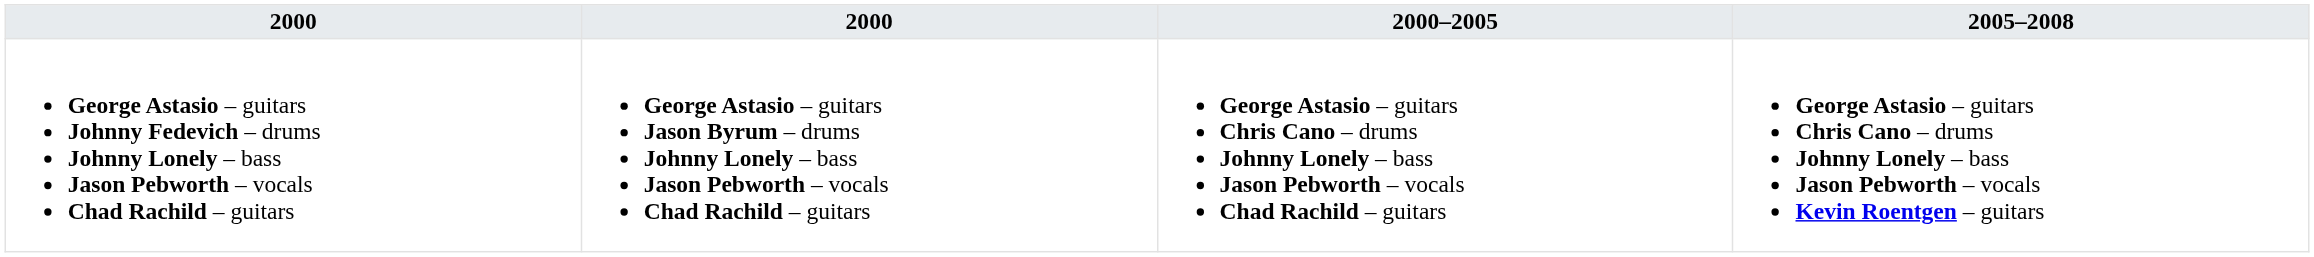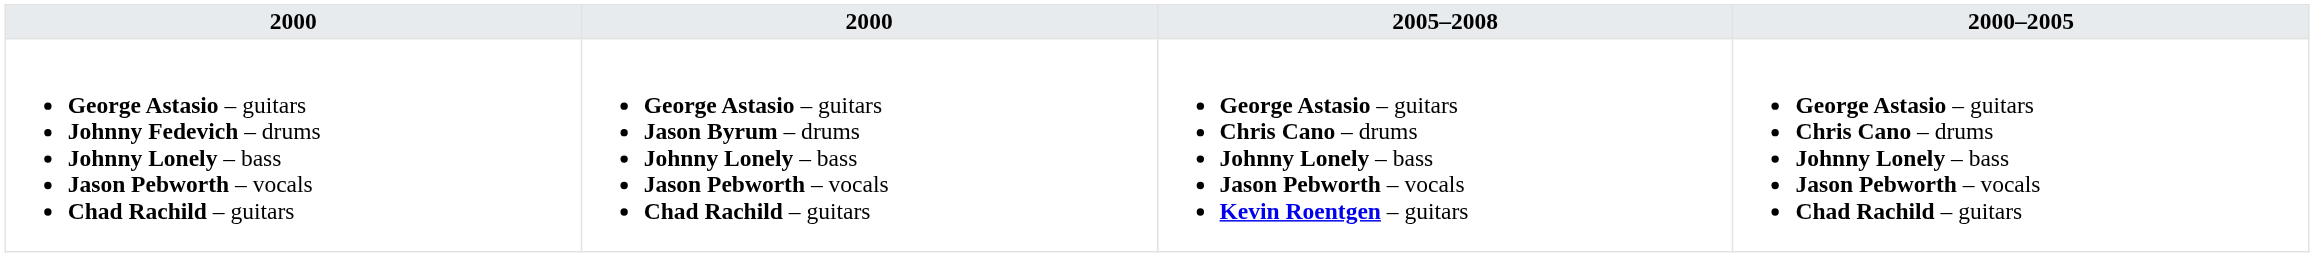 <table class="toccolours" border=1 cellpadding=2 cellspacing=0 style="float: width: 375px; margin: 0 0 1em 1em; border-collapse: collapse; border: 1px solid #E2E2E2;" width=99%>
 <tr>
 <th bgcolor="#E7EBEE" valign=top width=25%>2000</th>
 <th bgcolor="#E7EBEE" valign=top width=25%>2000</th>
+<th bgcolor="#E7EBEE" valign=top width=25%>2005–2008</th>
 <th bgcolor="#E7EBEE" valign=top width=25%>2000–2005</th>
-<th bgcolor="#E7EBEE" valign=top width=25%>2005–2008</th>
 </tr>
 <tr>
 <td valign=top><br><ul><li><strong>George Astasio</strong> – guitars</li><li><strong>Johnny Fedevich</strong> – drums</li><li><strong>Johnny Lonely</strong> – bass</li><li><strong>Jason Pebworth</strong> – vocals</li><li><strong>Chad Rachild</strong> – guitars</li></ul></td>
 <td valign=top><br><ul><li><strong>George Astasio</strong> – guitars</li><li><strong>Jason Byrum</strong> – drums</li><li><strong>Johnny Lonely</strong> – bass</li><li><strong>Jason Pebworth</strong> – vocals</li><li><strong>Chad Rachild</strong> – guitars</li></ul></td>
+<td valign=top><br><ul><li><strong>George Astasio</strong> – guitars</li><li><strong>Chris Cano</strong> – drums</li><li><strong>Johnny Lonely</strong> – bass</li><li><strong>Jason Pebworth</strong> – vocals</li><li><strong><a href='#'>Kevin Roentgen</a></strong> – guitars</li></ul></td>
 <td valign=top><br><ul><li><strong>George Astasio</strong> – guitars</li><li><strong>Chris Cano</strong> – drums</li><li><strong>Johnny Lonely</strong> – bass</li><li><strong>Jason Pebworth</strong> – vocals</li><li><strong>Chad Rachild</strong> – guitars</li></ul></td>
-<td valign=top><br><ul><li><strong>George Astasio</strong> – guitars</li><li><strong>Chris Cano</strong> – drums</li><li><strong>Johnny Lonely</strong> – bass</li><li><strong>Jason Pebworth</strong> – vocals</li><li><strong><a href='#'>Kevin Roentgen</a></strong> – guitars</li></ul></td>
 </tr>
 </table>
